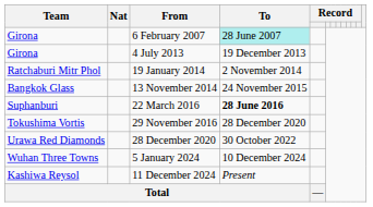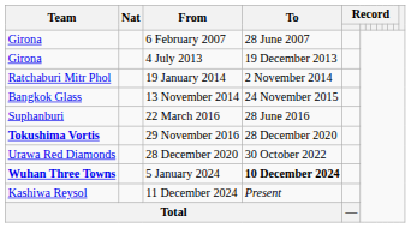 <table class="wikitable" style="text-align: center">
 <tr>
 <th rowspan="2">Team</th>
 <th rowspan="2">Nat</th>
 <th rowspan="2">From</th>
 <th rowspan="2">To</th>
 <th colspan="8">Record</th>
 <th rowspan=2></th>
 </tr>
 <tr>
 <th></th>
 <th></th>
 <th></th>
 <th></th>
 <th></th>
 <th></th>
 <th></th>
 <th></th>
 </tr>
 <tr>
 <td align="left"><a href='#'>Girona</a></td>
 <td></td>
 <td align="left">6 February 2007</td>
-<td align="left" style="background: paleturquoise;">28 June 2007<br></td>
+<td align="left">28 June 2007<br></td>
 <td></td>
 </tr>
 <tr>
 <td align="left"><a href='#'>Girona</a></td>
 <td></td>
 <td align="left">4 July 2013</td>
 <td align="left">19 December 2013<br></td>
 <td></td>
 </tr>
 <tr>
 <td align="left"><a href='#'>Ratchaburi Mitr Phol</a></td>
 <td></td>
 <td align="left">19 January 2014</td>
 <td align="left">2 November 2014<br></td>
 <td></td>
 </tr>
 <tr>
 <td align="left"><a href='#'>Bangkok Glass</a></td>
 <td></td>
 <td align="left">13 November 2014</td>
 <td align="left">24 November 2015<br></td>
 <td></td>
 </tr>
 <tr>
 <td align="left"><a href='#'>Suphanburi</a></td>
 <td></td>
 <td align="left">22 March 2016</td>
-<td align="left"><strong>28 June 2016<br></strong></td>
+<td align="left">28 June 2016<br></td>
 <td></td>
 </tr>
 <tr>
-<td align="left"><a href='#'>Tokushima Vortis</a></td>
+<td align="left"><strong><a href='#'>Tokushima Vortis</a></strong></td>
 <td></td>
 <td align="left">29 November 2016</td>
 <td align="left">28 December 2020<br></td>
 <td></td>
 </tr>
 <tr>
 <td align="left"><a href='#'>Urawa Red Diamonds</a></td>
 <td></td>
 <td align="left">28 December 2020</td>
 <td align="left">30 October 2022<br></td>
 <td></td>
 </tr>
 <tr>
-<td align="left"><a href='#'>Wuhan Three Towns</a></td>
+<td align="left"><strong><a href='#'>Wuhan Three Towns</a></strong></td>
 <td></td>
 <td align="left">5 January 2024</td>
-<td align="left">10 December 2024<br></td>
+<td align="left"><strong>10 December 2024<br></strong></td>
 <td></td>
 </tr>
 <tr>
 <td align="left"><a href='#'>Kashiwa Reysol</a></td>
 <td></td>
 <td align="left">11 December 2024</td>
 <td align="left"><em>Present</em><br></td>
 <td></td>
 </tr>
 <tr>
 <th colspan="4">Total<br></th>
 <th>—</th>
 </tr>
 </table>
